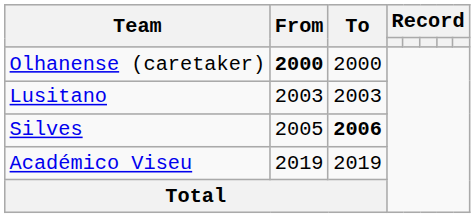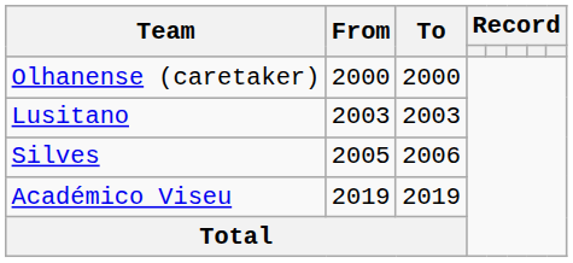 <table class=wikitable style="text-align:center">
 <tr>
 <th rowspan=2>Team</th>
 <th rowspan=2>From</th>
 <th rowspan=2>To</th>
 <th colspan=5>Record</th>
 </tr>
 <tr>
 <th></th>
 <th></th>
 <th></th>
 <th></th>
 <th></th>
 </tr>
 <tr>
 <td align=left><a href='#'>Olhanense</a> (caretaker)</td>
-<td align=left><strong>2000</strong></td>
+<td align=left>2000</td>
 <td align=left>2000<br></td>
 </tr>
 <tr>
 <td align=left><a href='#'>Lusitano</a></td>
 <td align=left>2003</td>
 <td align=left>2003<br></td>
 </tr>
 <tr>
 <td align=left><a href='#'>Silves</a></td>
 <td align=left>2005</td>
-<td align=left><strong>2006<br></strong></td>
+<td align=left>2006<br></td>
 </tr>
 <tr>
 <td align=left><a href='#'>Académico Viseu</a></td>
 <td align=left>2019</td>
 <td align=left>2019<br></td>
 </tr>
 <tr>
 <th colspan=3>Total<br></th>
 </tr>
 </table>
